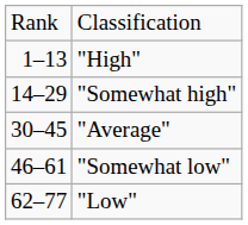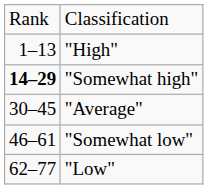 <table class="wikitable" ---valign=top>
 <tr>
 <td>Rank</td>
 <td>Classification</td>
 </tr>
 <tr>
 <td>  1–13</td>
 <td>"High"</td>
 </tr>
 <tr>
-<td>14–29</td>
+<td><strong>14–29</strong></td>
 <td>"Somewhat high"</td>
 </tr>
 <tr>
 <td>30–45</td>
 <td>"Average"</td>
 </tr>
 <tr>
 <td>46–61</td>
 <td>"Somewhat low"</td>
 </tr>
 <tr>
 <td>62–77</td>
 <td>"Low"</td>
 </tr>
 </table>
